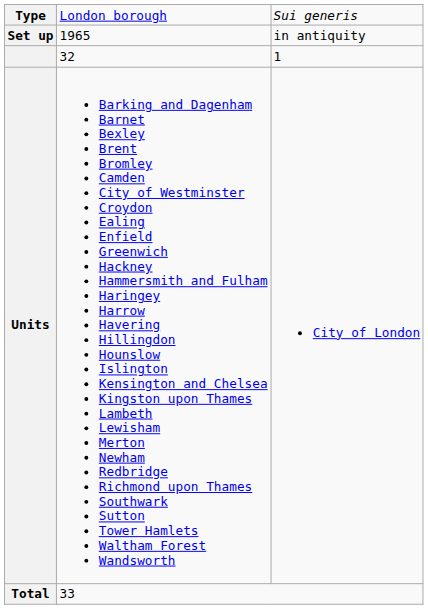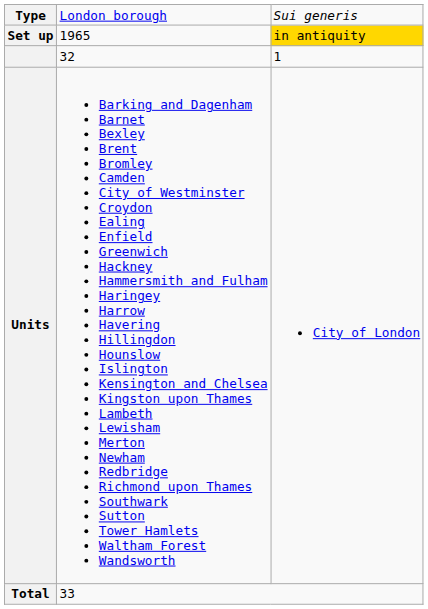 <table class="wikitable">
 <tr>
 <th>Type</th>
 <td><a href='#'>London borough</a></td>
 <td><em>Sui generis</em></td>
 </tr>
 <tr>
 <th>Set up</th>
 <td>1965</td>
-<td>in antiquity</td>
+<td style="background: gold;">in antiquity</td>
 </tr>
 <tr>
 <th></th>
 <td>32</td>
 <td>1</td>
 </tr>
 <tr>
 <th>Units</th>
 <td><br><ul><li><a href='#'>Barking and Dagenham</a></li><li><a href='#'>Barnet</a></li><li><a href='#'>Bexley</a></li><li><a href='#'>Brent</a></li><li><a href='#'>Bromley</a></li><li><a href='#'>Camden</a></li><li><a href='#'>City of Westminster</a></li><li><a href='#'>Croydon</a></li><li><a href='#'>Ealing</a></li><li><a href='#'>Enfield</a></li><li><a href='#'>Greenwich</a></li><li><a href='#'>Hackney</a></li><li><a href='#'>Hammersmith and Fulham</a></li><li><a href='#'>Haringey</a></li><li><a href='#'>Harrow</a></li><li><a href='#'>Havering</a></li><li><a href='#'>Hillingdon</a></li><li><a href='#'>Hounslow</a></li><li><a href='#'>Islington</a></li><li><a href='#'>Kensington and Chelsea</a></li><li><a href='#'>Kingston upon Thames</a></li><li><a href='#'>Lambeth</a></li><li><a href='#'>Lewisham</a></li><li><a href='#'>Merton</a></li><li><a href='#'>Newham</a></li><li><a href='#'>Redbridge</a></li><li><a href='#'>Richmond upon Thames</a></li><li><a href='#'>Southwark</a></li><li><a href='#'>Sutton</a></li><li><a href='#'>Tower Hamlets</a></li><li><a href='#'>Waltham Forest</a></li><li><a href='#'>Wandsworth</a></li></ul></td>
 <td><br><ul><li><a href='#'>City of London</a></li></ul></td>
 </tr>
 <tr>
 <th>Total</th>
 <td colspan="2">33</td>
 </tr>
 </table>
